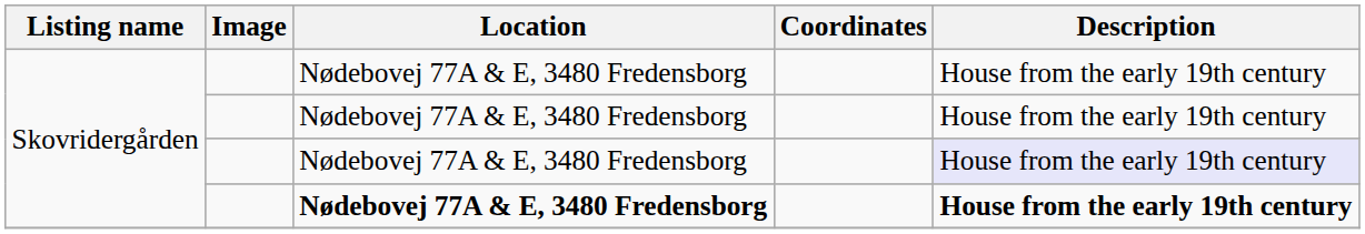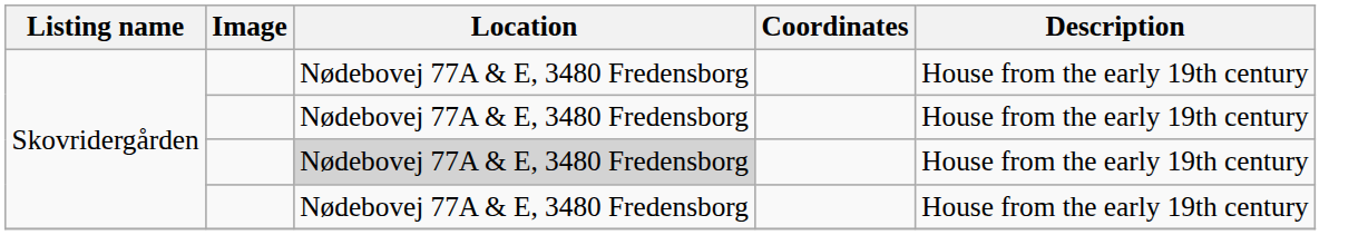 <table class="wikitable sortable">
 <tr>
 <th>Listing name</th>
 <th>Image</th>
 <th>Location</th>
 <th>Coordinates</th>
 <th>Description</th>
 </tr>
 <tr>
 <td rowspan="4">Skovridergården</td>
 <td></td>
 <td>Nødebovej 77A & E, 3480 Fredensborg</td>
 <td></td>
 <td>House from the early 19th century</td>
 </tr>
 <tr>
 <td></td>
 <td>Nødebovej 77A & E, 3480 Fredensborg</td>
 <td></td>
 <td>House from the early 19th century</td>
 </tr>
 <tr>
 <td></td>
-<td>Nødebovej 77A & E, 3480 Fredensborg</td>
+<td style="background: lightgrey;">Nødebovej 77A & E, 3480 Fredensborg</td>
 <td></td>
-<td style="background: lavender;">House from the early 19th century</td>
+<td>House from the early 19th century</td>
 </tr>
 <tr>
 <td></td>
-<td><strong>Nødebovej 77A & E, 3480 Fredensborg</strong></td>
+<td>Nødebovej 77A & E, 3480 Fredensborg</td>
 <td></td>
-<td><strong>House from the early 19th century</strong></td>
+<td>House from the early 19th century</td>
 </tr>
 <tr>
 </tr>
 </table>
